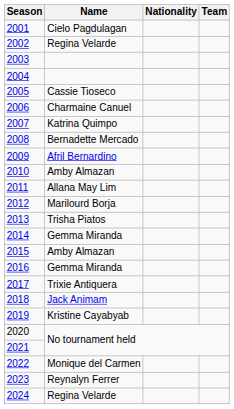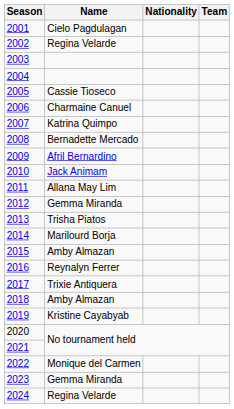 <table class="wikitable">
 <tr>
 <th>Season</th>
 <th>Name</th>
 <th>Nationality</th>
 <th>Team</th>
 </tr>
 <tr>
 <td><a href='#'>2001</a></td>
 <td>Cielo Pagdulagan</td>
 <td></td>
 <td></td>
 </tr>
 <tr>
 <td><a href='#'>2002</a></td>
 <td>Regina Velarde</td>
 <td></td>
 <td></td>
 </tr>
 <tr>
 <td><a href='#'>2003</a></td>
 <td></td>
 <td></td>
 <td></td>
 </tr>
 <tr>
 <td><a href='#'>2004</a></td>
 <td></td>
 <td></td>
 <td></td>
 </tr>
 <tr>
 <td><a href='#'>2005</a></td>
 <td>Cassie Tioseco</td>
 <td></td>
 <td></td>
 </tr>
 <tr>
 <td><a href='#'>2006</a></td>
 <td>Charmaine Canuel</td>
 <td></td>
 <td></td>
 </tr>
 <tr>
 <td><a href='#'>2007</a></td>
 <td>Katrina Quimpo</td>
 <td></td>
 <td></td>
 </tr>
 <tr>
 <td><a href='#'>2008</a></td>
 <td>Bernadette Mercado</td>
 <td></td>
 <td></td>
 </tr>
 <tr>
 <td><a href='#'>2009</a></td>
 <td><a href='#'>Afril Bernardino</a></td>
 <td></td>
 <td></td>
 </tr>
 <tr>
 <td><a href='#'>2010</a></td>
-<td>Amby Almazan</td>
+<td><a href='#'>Jack Animam</a></td>
 <td></td>
 <td></td>
 </tr>
 <tr>
 <td><a href='#'>2011</a></td>
 <td>Allana May Lim</td>
 <td></td>
 <td></td>
 </tr>
 <tr>
 <td><a href='#'>2012</a></td>
-<td>Marilourd Borja</td>
+<td>Gemma Miranda</td>
 <td></td>
 <td></td>
 </tr>
 <tr>
 <td><a href='#'>2013</a></td>
 <td>Trisha Piatos</td>
 <td></td>
 <td></td>
 </tr>
 <tr>
 <td><a href='#'>2014</a></td>
-<td>Gemma Miranda</td>
+<td>Marilourd Borja</td>
 <td></td>
 <td></td>
 </tr>
 <tr>
 <td><a href='#'>2015</a></td>
 <td>Amby Almazan</td>
 <td></td>
 <td></td>
 </tr>
 <tr>
 <td><a href='#'>2016</a></td>
-<td>Gemma Miranda</td>
+<td>Reynalyn Ferrer</td>
 <td></td>
 <td></td>
 </tr>
 <tr>
 <td><a href='#'>2017</a></td>
 <td>Trixie Antiquera</td>
 <td></td>
 <td></td>
 </tr>
 <tr>
 <td><a href='#'>2018</a></td>
-<td><a href='#'>Jack Animam</a></td>
+<td>Amby Almazan</td>
 <td></td>
 <td></td>
 </tr>
 <tr>
 <td><a href='#'>2019</a></td>
 <td>Kristine Cayabyab</td>
 <td></td>
 <td></td>
 </tr>
 <tr>
 <td>2020</td>
 <td colspan="3" rowspan="2">No tournament held</td>
 </tr>
 <tr>
 <td><a href='#'>2021</a></td>
 </tr>
 <tr>
 <td><a href='#'>2022</a></td>
 <td>Monique del Carmen</td>
 <td></td>
 <td></td>
 </tr>
 <tr>
 <td><a href='#'>2023</a></td>
-<td>Reynalyn Ferrer</td>
+<td>Gemma Miranda</td>
 <td></td>
 <td></td>
 </tr>
 <tr>
 <td><a href='#'>2024</a></td>
 <td>Regina Velarde</td>
 <td></td>
 <td></td>
 </tr>
 </table>
